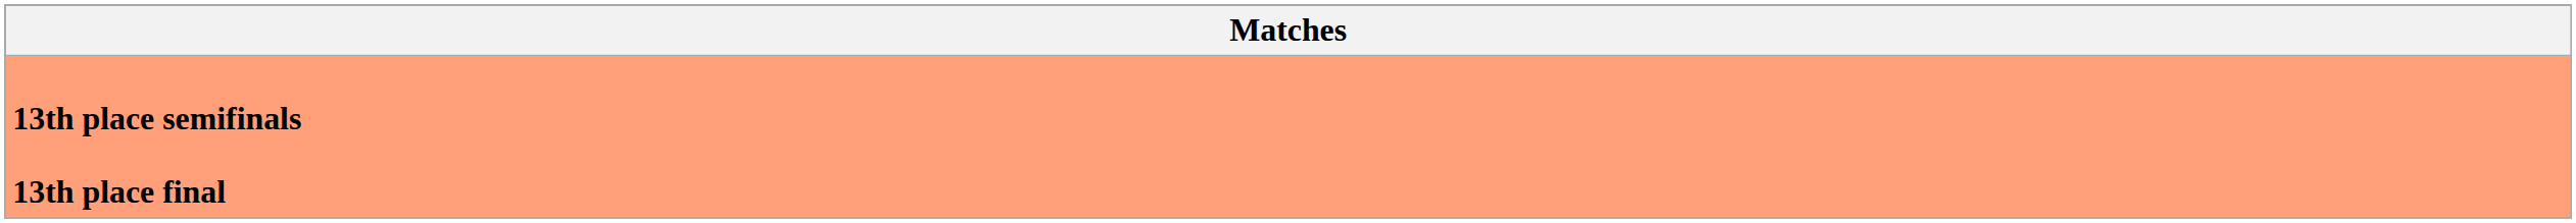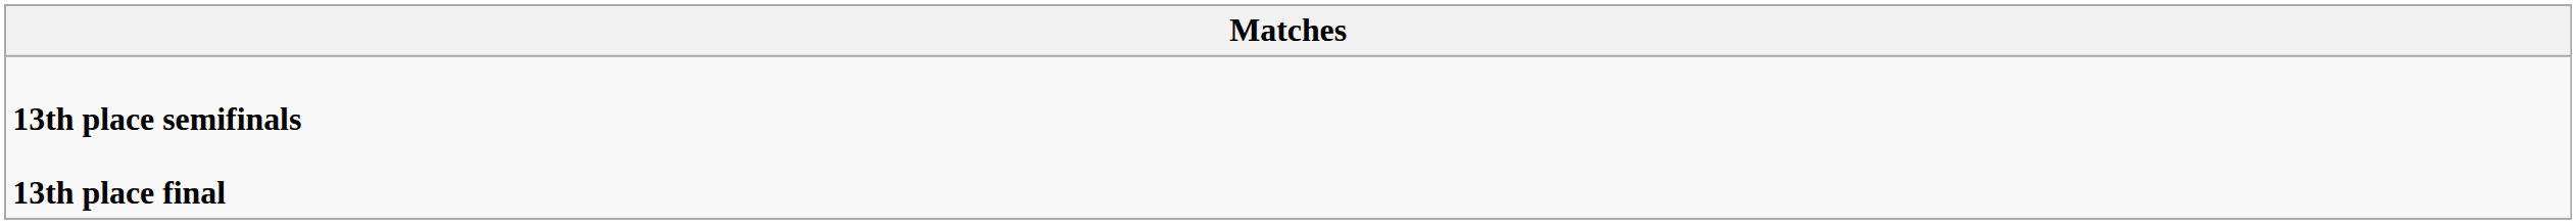 <table class="wikitable collapsible collapsed" style="width:100%;">
 <tr>
 <th>Matches</th>
 </tr>
 <tr>
-<td style="background: lightsalmon;"><br><strong>13th place semifinals</strong> <br><br><strong>13th place final</strong> </td>
+<td><br><strong>13th place semifinals</strong> <br><br><strong>13th place final</strong> </td>
 </tr>
 </table>
